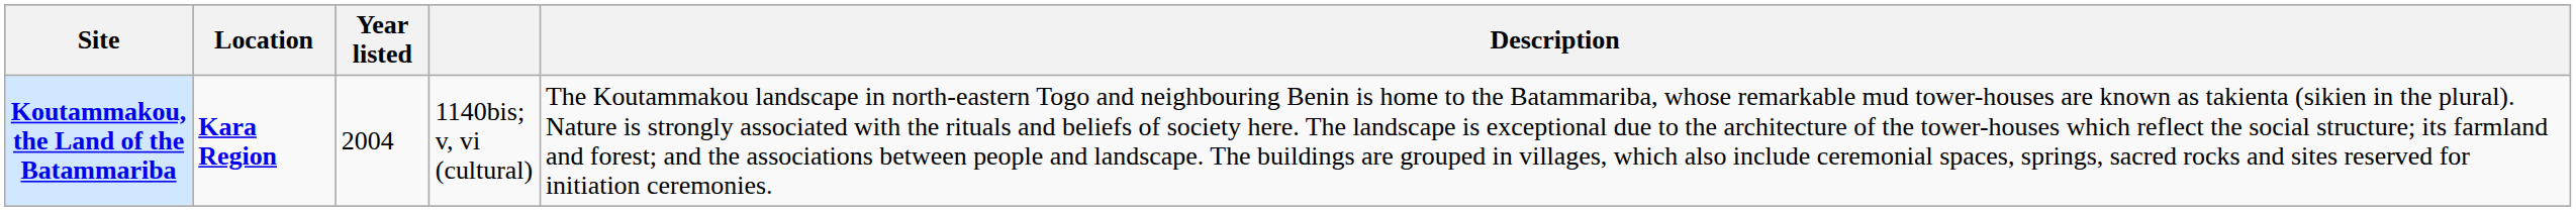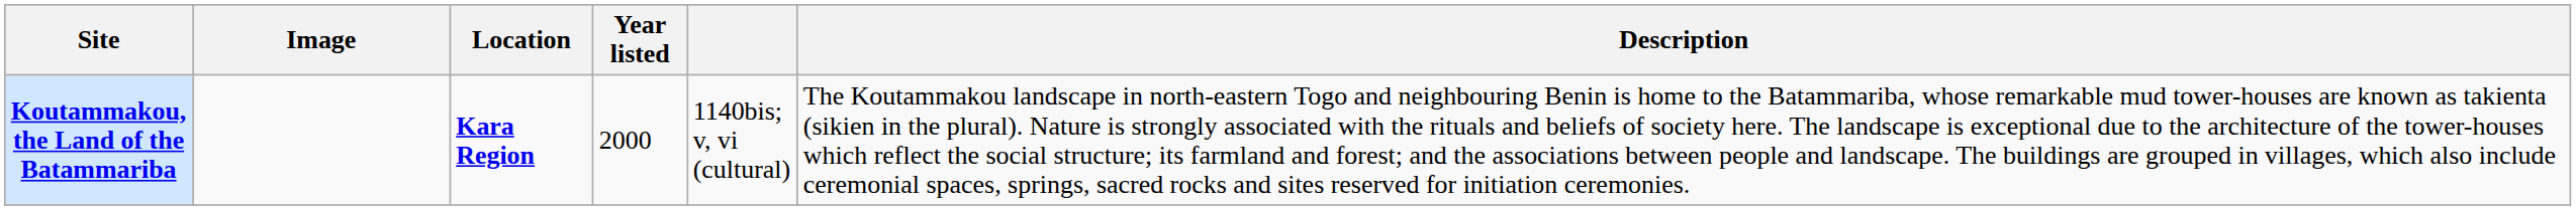 <table class="wikitable sortable plainrowheaders">
 <tr>
 <th style="width:100px;" scope="col">Site</th>
+<th class="unsortable" style="width:150px;" scope="col">Image</th>
 <th style="width:80px;" scope="col">Location</th>
 <th style="width:50px;" scope="col">Year listed</th>
 <th style="width:60px;" scope="col" data-sort-type="number"></th>
 <th scope="col" class="unsortable">Description</th>
 </tr>
 <tr>
 <th scope="row" style="background:#D0E7FF"><a href='#'>Koutammakou, the Land of the Batammariba</a></th>
+<td></td>
 <td><strong><a href='#'>Kara Region</a></strong></td>
-<td>2004</td>
+<td>2000</td>
 <td>1140bis; v, vi (cultural)</td>
 <td>The Koutammakou landscape in north-eastern Togo and neighbouring Benin is home to the Batammariba, whose remarkable mud tower-houses are known as takienta (sikien in the plural). Nature is strongly associated with the rituals and beliefs of society here. The landscape is exceptional due to the architecture of the tower-houses which reflect the social structure; its farmland and forest; and the associations between people and landscape. The buildings are grouped in villages, which also include ceremonial spaces, springs, sacred rocks and sites reserved for initiation ceremonies.</td>
 </tr>
 </table>
